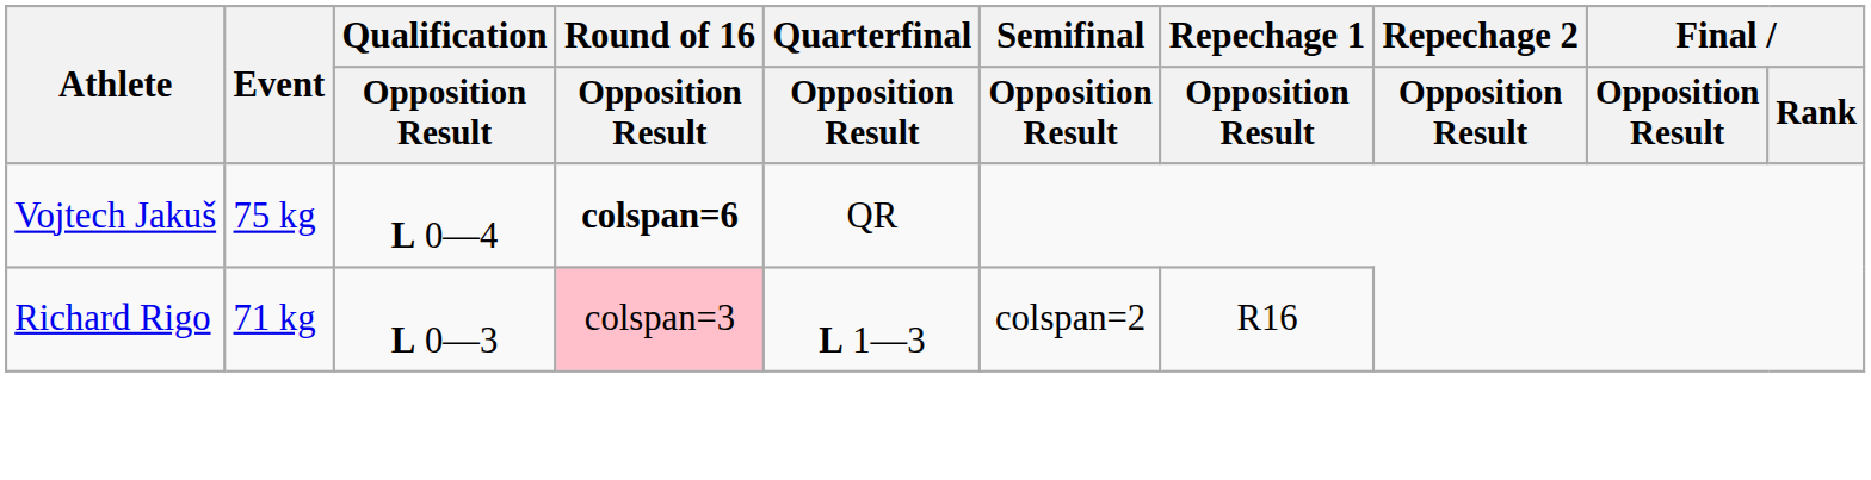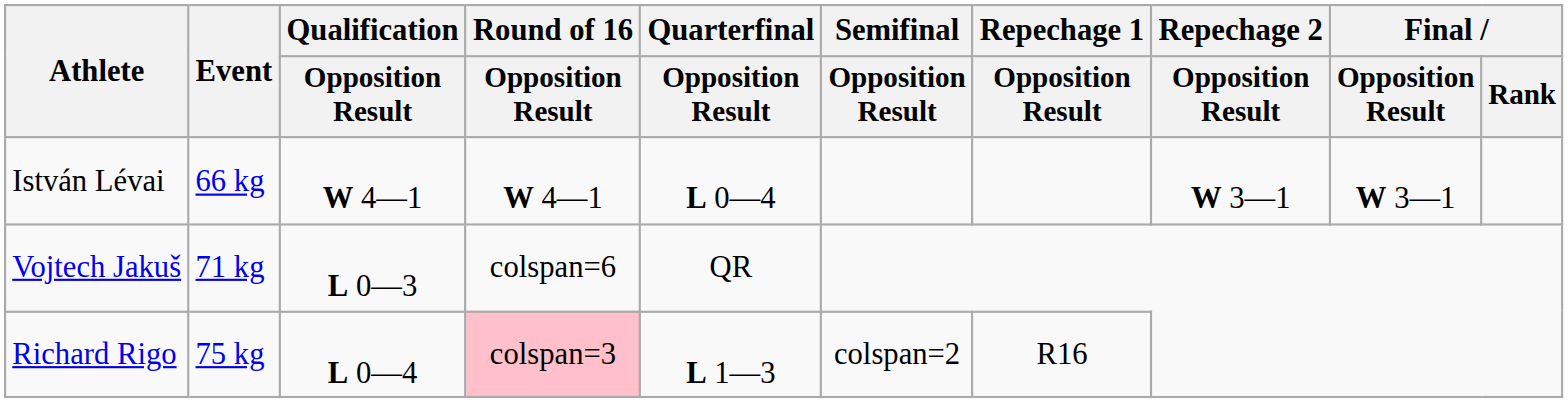 <table class="wikitable" style="font-size:90%">
 <tr>
 <th rowspan="2">Athlete</th>
 <th rowspan="2">Event</th>
 <th>Qualification</th>
 <th>Round of 16</th>
 <th>Quarterfinal</th>
 <th>Semifinal</th>
 <th>Repechage 1</th>
 <th>Repechage 2</th>
 <th colspan=2>Final / </th>
 </tr>
 <tr style="font-size: 95%">
 <th>Opposition<br>Result</th>
 <th>Opposition<br>Result</th>
 <th>Opposition<br>Result</th>
 <th>Opposition<br>Result</th>
 <th>Opposition<br>Result</th>
 <th>Opposition<br>Result</th>
 <th>Opposition<br>Result</th>
 <th>Rank</th>
 </tr>
 <tr align=center>
+<td align=left>István Lévai</td>
+<td align=left><a href='#'>66 kg</a></td>
+<td> <br><strong>W</strong>  4—1</td>
+<td> <br> <strong>W</strong> 4—1</td>
+<td> <br> <strong>L</strong> 0—4</td>
+<td></td>
+<td></td>
+<td> <br> <strong>W</strong> 3—1</td>
+<td> <br> <strong>W</strong> 3—1</td>
+<td></td>
+</tr>
+<tr align=center>
 <td align=left><a href='#'>Vojtech Jakuš</a></td>
-<td align=left><a href='#'>75 kg</a></td>
-<td>  <br> <strong>L</strong> 0—4</td>
-<td><strong>colspan=6 </strong></td>
+<td align=left><a href='#'>71 kg</a></td>
+<td> <br> <strong>L</strong> 0—3</td>
+<td>colspan=6 </td>
 <td>QR</td>
 </tr>
 <tr align=center>
 <td align=left><a href='#'>Richard Rigo</a></td>
-<td align=left><a href='#'>71 kg</a></td>
-<td> <br> <strong>L</strong> 0—3</td>
+<td align=left><a href='#'>75 kg</a></td>
+<td>  <br> <strong>L</strong> 0—4</td>
 <td style="background: pink;">colspan=3 </td>
 <td> <br> <strong>L</strong> 1—3</td>
 <td>colspan=2 </td>
 <td>R16</td>
 </tr>
 </table>
